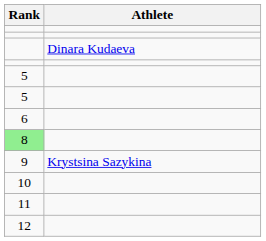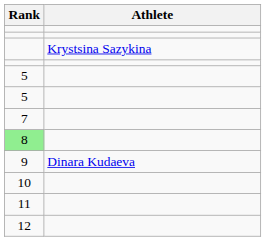 <table class="wikitable" style="text-align: center;">
 <tr>
 <th width=40>Rank</th>
 <th width=250>Athlete</th>
 </tr>
 <tr>
 <td></td>
 <td align="left"></td>
 </tr>
 <tr>
 <td></td>
 <td align="left"></td>
 </tr>
 <tr>
 <td></td>
-<td align="left"> <a href='#'>Dinara Kudaeva</a> </td>
+<td align="left"> <a href='#'>Krystsina Sazykina</a> </td>
 </tr>
 <tr>
 <td></td>
 <td align="left"></td>
 </tr>
 <tr>
 <td>5</td>
 <td align="left"></td>
 </tr>
 <tr>
 <td>5</td>
 <td align="left"></td>
 </tr>
 <tr>
-<td>6</td>
+<td>7</td>
 <td align="left"></td>
 </tr>
 <tr>
 <td style="background: lightgreen;">8</td>
 <td align="left"></td>
 </tr>
 <tr>
 <td>9</td>
-<td align="left"> <a href='#'>Krystsina Sazykina</a> </td>
+<td align="left"> <a href='#'>Dinara Kudaeva</a> </td>
 </tr>
 <tr>
 <td>10</td>
 <td align="left"></td>
 </tr>
 <tr>
 <td>11</td>
 <td align="left"></td>
 </tr>
 <tr>
 <td>12</td>
 <td align="left"></td>
 </tr>
 </table>
